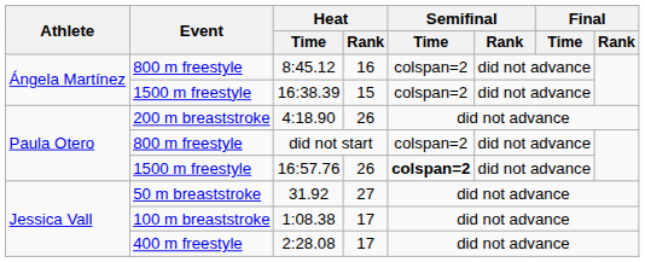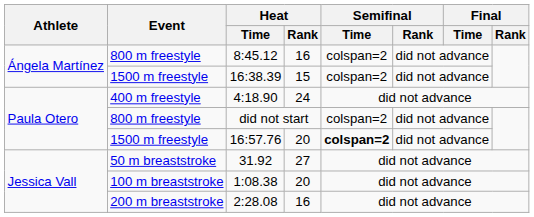 <table class=wikitable style="font-size:90%">
 <tr>
 <th rowspan="2">Athlete</th>
 <th rowspan="2">Event</th>
 <th colspan="2">Heat</th>
 <th colspan="2">Semifinal</th>
 <th colspan="2">Final</th>
 </tr>
 <tr style="font-size:95%">
 <th>Time</th>
 <th>Rank</th>
 <th>Time</th>
 <th>Rank</th>
 <th>Time</th>
 <th>Rank</th>
 </tr>
 <tr style="text-align:center">
 <td style="text-align:left" rowspan=2><a href='#'>Ángela Martínez</a></td>
 <td style="text-align:left"><a href='#'>800 m freestyle</a></td>
 <td>8:45.12</td>
 <td>16</td>
 <td>colspan=2 </td>
 <td colspan=2>did not advance</td>
 </tr>
 <tr style="text-align:center">
 <td style="text-align:left"><a href='#'>1500 m freestyle</a></td>
 <td>16:38.39</td>
 <td>15</td>
 <td>colspan=2 </td>
 <td colspan=2>did not advance</td>
 </tr>
 <tr style="text-align:center">
 <td style="text-align:left" rowspan=3><a href='#'>Paula Otero</a></td>
-<td style="text-align:left"><a href='#'>200 m breaststroke</a></td>
+<td style="text-align:left"><a href='#'>400 m freestyle</a></td>
 <td>4:18.90</td>
-<td>26</td>
+<td>24</td>
 <td colspan=4>did not advance</td>
 </tr>
 <tr style="text-align:center">
 <td style="text-align:left"><a href='#'>800 m freestyle</a></td>
 <td colspan=2>did not start</td>
 <td>colspan=2 </td>
 <td colspan=2>did not advance</td>
 </tr>
 <tr style="text-align:center">
 <td style="text-align:left"><a href='#'>1500 m freestyle</a></td>
 <td>16:57.76</td>
-<td>26</td>
+<td>20</td>
 <td><strong>colspan=2 </strong></td>
 <td colspan=2>did not advance</td>
 </tr>
 <tr style="text-align:center">
 <td style="text-align:left" rowspan=3><a href='#'>Jessica Vall</a></td>
 <td style="text-align:left"><a href='#'>50 m breaststroke</a></td>
 <td>31.92</td>
 <td>27</td>
 <td colspan=4>did not advance</td>
 </tr>
 <tr style="text-align:center">
 <td style="text-align:left"><a href='#'>100 m breaststroke</a></td>
 <td>1:08.38</td>
-<td>17</td>
+<td>20</td>
 <td colspan=4>did not advance</td>
 </tr>
 <tr style="text-align:center">
-<td style="text-align:left"><a href='#'>400 m freestyle</a></td>
+<td style="text-align:left"><a href='#'>200 m breaststroke</a></td>
 <td>2:28.08</td>
-<td>17</td>
+<td>16</td>
 <td colspan=4>did not advance</td>
 </tr>
 </table>
